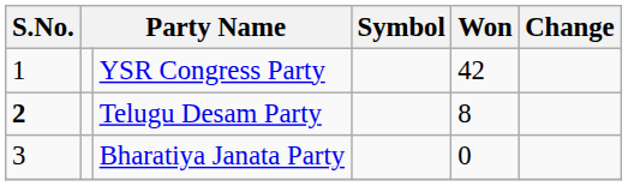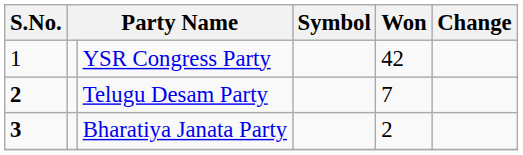 <table CLASS="sortable wikitable">
 <tr>
 <th>S.No.</th>
 <th colspan=2>Party Name</th>
 <th>Symbol</th>
 <th>Won</th>
 <th>Change</th>
 </tr>
 <tr>
 <td>1</td>
 <td></td>
 <td><a href='#'>YSR Congress Party</a></td>
 <td></td>
 <td>42</td>
 <td></td>
 </tr>
 <tr>
 <td><strong>2</strong></td>
 <td></td>
 <td><a href='#'>Telugu Desam Party</a></td>
 <td></td>
-<td>8</td>
+<td>7</td>
 <td></td>
 </tr>
 <tr>
-<td>3</td>
+<td><strong>3</strong></td>
 <td></td>
 <td><a href='#'>Bharatiya Janata Party</a></td>
 <td></td>
-<td>0</td>
+<td>2</td>
 <td></td>
 </tr>
 <tr>
 </tr>
 </table>
